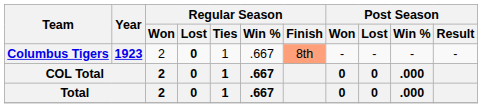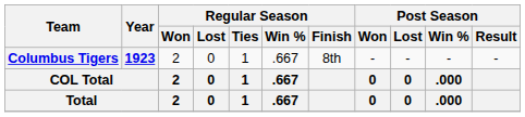 <table class="wikitable" style="font-size: 95%; text-align:center;">
 <tr>
 <th rowspan=2>Team</th>
 <th rowspan=2>Year</th>
 <th colspan=5>Regular Season</th>
 <th colspan=4>Post Season</th>
 </tr>
 <tr>
 <th>Won</th>
 <th>Lost</th>
 <th>Ties</th>
 <th>Win %</th>
 <th>Finish</th>
 <th>Won</th>
 <th>Lost</th>
 <th>Win %</th>
 <th>Result</th>
 </tr>
 <tr>
 <th><a href='#'>Columbus Tigers</a></th>
 <th><a href='#'>1923</a></th>
 <td>2</td>
-<td><strong>0</strong></td>
+<td>0</td>
 <td>1</td>
 <td>.667</td>
-<td style="background: lightsalmon;">8th</td>
+<td>8th</td>
 <td>-</td>
 <td>-</td>
 <td>-</td>
 <td>-</td>
 </tr>
 <tr>
 <th colspan=2>COL Total</th>
 <th>2</th>
 <th>0</th>
 <th>1</th>
 <th>.667</th>
 <th></th>
 <th>0</th>
 <th>0</th>
 <th>.000</th>
 <th></th>
 </tr>
 <tr>
 <th colspan=2>Total</th>
 <th>2</th>
 <th>0</th>
 <th>1</th>
 <th>.667</th>
 <th></th>
 <th>0</th>
 <th>0</th>
 <th>.000</th>
 <th></th>
 </tr>
 <tr>
 </tr>
 </table>
